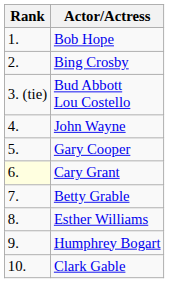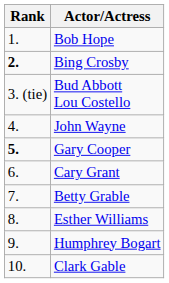 <table class="wikitable">
 <tr>
 <th>Rank</th>
 <th>Actor/Actress</th>
 </tr>
 <tr>
 <td>1.</td>
 <td><a href='#'>Bob Hope</a></td>
 </tr>
 <tr>
-<td>2.</td>
+<td><strong>2.</strong></td>
 <td><a href='#'>Bing Crosby</a></td>
 </tr>
 <tr>
 <td>3. (tie)</td>
 <td><a href='#'>Bud Abbott</a><br><a href='#'>Lou Costello</a></td>
 </tr>
 <tr>
 <td>4.</td>
 <td><a href='#'>John Wayne</a></td>
 </tr>
 <tr>
-<td>5.</td>
+<td><strong>5.</strong></td>
 <td><a href='#'>Gary Cooper</a></td>
 </tr>
 <tr>
-<td style="background: lightyellow;">6.</td>
+<td>6.</td>
 <td><a href='#'>Cary Grant</a></td>
 </tr>
 <tr>
 <td>7.</td>
 <td><a href='#'>Betty Grable</a></td>
 </tr>
 <tr>
 <td>8.</td>
 <td><a href='#'>Esther Williams</a></td>
 </tr>
 <tr>
 <td>9.</td>
 <td><a href='#'>Humphrey Bogart</a></td>
 </tr>
 <tr>
 <td>10.</td>
 <td><a href='#'>Clark Gable</a></td>
 </tr>
 </table>
